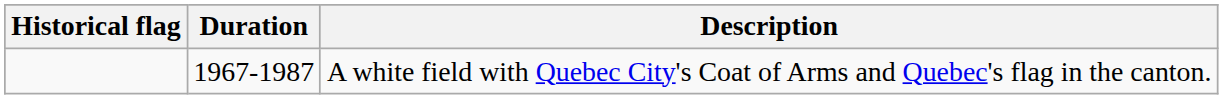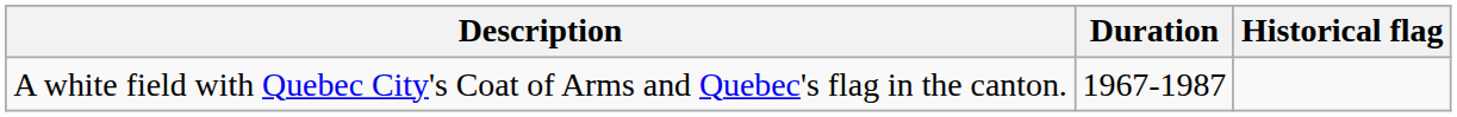 <table class="wikitable sortable plainrowheaders">
 <tr>
+<th scope="col" class="unsortable">Description</th>
+<th scope="col">Duration</th>
 <th scope="col" class="unsortable">Historical flag</th>
-<th scope="col">Duration</th>
-<th scope="col" class="unsortable">Description</th>
 </tr>
 <tr>
+<td>A white field with <a href='#'>Quebec City</a>'s Coat of Arms and <a href='#'>Quebec</a>'s flag in the canton.</td>
+<td>1967-1987</td>
 <td></td>
-<td>1967-1987</td>
-<td>A white field with <a href='#'>Quebec City</a>'s Coat of Arms and <a href='#'>Quebec</a>'s flag in the canton.</td>
 </tr>
 </table>
